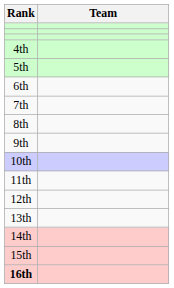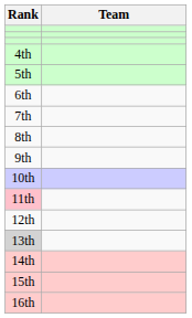 <table class=wikitable style="text-align:center;">
 <tr>
 <th>Rank</th>
 <th width=170>Team</th>
 </tr>
 <tr bgcolor=#ccffcc>
 <td></td>
 <td align=left></td>
 </tr>
 <tr bgcolor=#ccffcc>
 <td></td>
 <td align=left></td>
 </tr>
 <tr bgcolor=#ccffcc>
 <td></td>
 <td align=left></td>
 </tr>
 <tr bgcolor=#ccffcc>
 <td>4th</td>
 <td align=left></td>
 </tr>
 <tr bgcolor=#ccffcc>
 <td>5th</td>
 <td align=left></td>
 </tr>
 <tr>
 <td>6th</td>
 <td align=left></td>
 </tr>
 <tr>
 <td>7th</td>
 <td align=left></td>
 </tr>
 <tr>
 <td>8th</td>
 <td align=left></td>
 </tr>
 <tr>
 <td>9th</td>
 <td align=left></td>
 </tr>
 <tr bgcolor=#ccccff>
 <td>10th</td>
 <td align=left></td>
 </tr>
 <tr>
-<td>11th</td>
+<td style="background: pink;">11th</td>
 <td align=left></td>
 </tr>
 <tr>
 <td>12th</td>
 <td align=left></td>
 </tr>
 <tr>
-<td>13th</td>
+<td style="background: lightgrey;">13th</td>
 <td align=left></td>
 </tr>
 <tr bgcolor=#ffcccc>
 <td>14th</td>
 <td align=left></td>
 </tr>
 <tr bgcolor=#ffcccc>
 <td>15th</td>
 <td align=left></td>
 </tr>
 <tr bgcolor=#ffcccc>
-<td><strong>16th</strong></td>
+<td>16th</td>
 <td align=left></td>
 </tr>
 </table>
